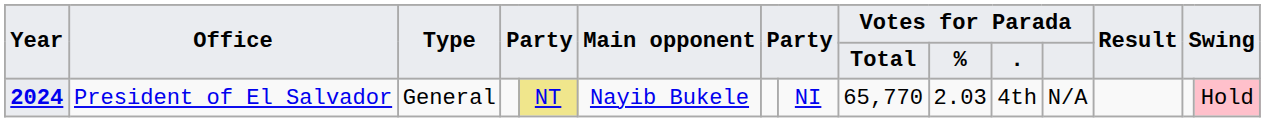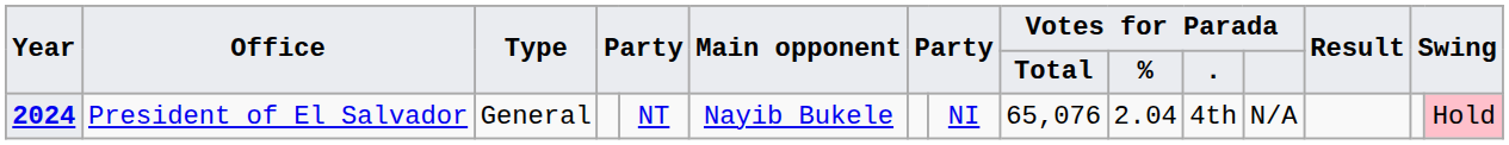 <table class="wikitable" style="font-size:90%; text-align:center;">
 <tr>
 <th style="background-color:#EAECF0;" rowspan="2">Year</th>
 <th style="background-color:#EAECF0;" rowspan="2">Office</th>
 <th style="background-color:#EAECF0;" rowspan="2">Type</th>
 <th style="background-color:#EAECF0;" colspan="2" rowspan="2">Party</th>
 <th style="background-color:#EAECF0;" rowspan="2">Main opponent</th>
 <th style="background-color:#EAECF0;" colspan="2" rowspan="2">Party</th>
 <th style="background-color:#EAECF0;" colspan="4">Votes for Parada</th>
 <th style="background-color:#EAECF0;" rowspan="2">Result</th>
 <th style="background-color:#EAECF0;" colspan="2" rowspan="2">Swing</th>
 </tr>
 <tr>
 <th style="background-color:#EAECF0;">Total</th>
 <th style="background-color:#EAECF0;">%</th>
 <th style="background-color:#EAECF0;">.</th>
 <th style="background-color:#EAECF0;"></th>
 </tr>
 <tr>
 <th style="background-color:#EAECF0;"><a href='#'>2024</a></th>
 <td><a href='#'>President of El Salvador</a></td>
 <td>General</td>
 <td style="background-color:"></td>
-<td style="background: khaki;"><a href='#'>NT</a></td>
+<td><a href='#'>NT</a></td>
 <td><a href='#'>Nayib Bukele</a></td>
 <td style="background-color:"></td>
 <td><a href='#'>NI</a></td>
-<td>65,770</td>
-<td>2.03</td>
+<td>65,076</td>
+<td>2.04</td>
 <td>4th</td>
 <td>N/A</td>
 <td></td>
 <td style="background-color:"></td>
 <td style="background: pink;">Hold</td>
 </tr>
 </table>
